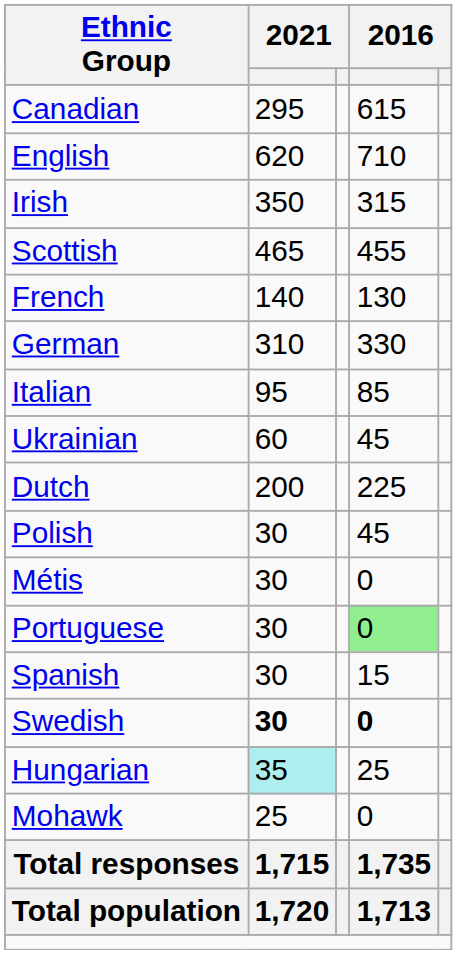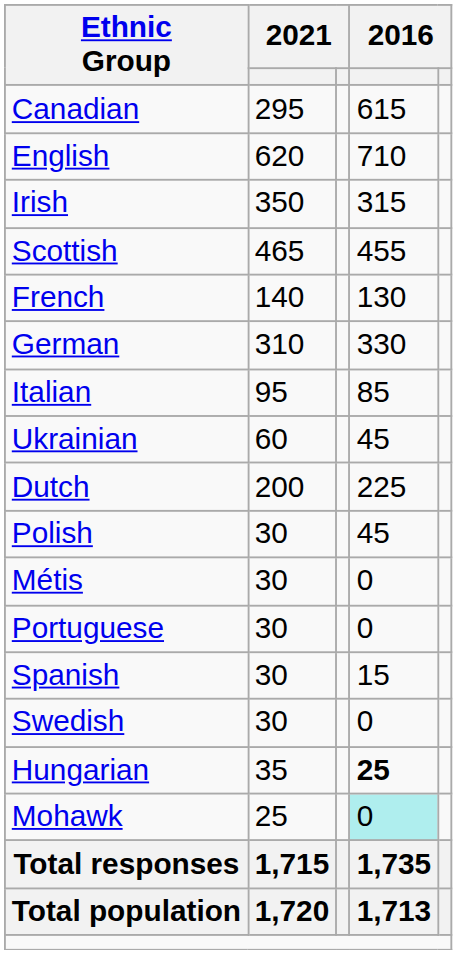 <table class="wikitable collapsible sortable">
 <tr>
 <th rowspan="2"><a href='#'>Ethnic</a><br>Group</th>
 <th colspan="2">2021</th>
 <th colspan="2">2016</th>
 </tr>
 <tr>
 <th><a href='#'></a></th>
 <th></th>
 <th><a href='#'></a></th>
 <th></th>
 </tr>
 <tr>
 <td><a href='#'>Canadian</a></td>
 <td>295</td>
 <td></td>
 <td>615</td>
 <td></td>
 </tr>
 <tr>
 <td><a href='#'>English</a></td>
 <td>620</td>
 <td></td>
 <td>710</td>
 <td></td>
 </tr>
 <tr>
 <td><a href='#'>Irish</a></td>
 <td>350</td>
 <td></td>
 <td>315</td>
 <td></td>
 </tr>
 <tr>
 <td><a href='#'>Scottish</a></td>
 <td>465</td>
 <td></td>
 <td>455</td>
 <td></td>
 </tr>
 <tr>
 <td><a href='#'>French</a></td>
 <td>140</td>
 <td></td>
 <td>130</td>
 <td></td>
 </tr>
 <tr>
 <td><a href='#'>German</a></td>
 <td>310</td>
 <td></td>
 <td>330</td>
 <td></td>
 </tr>
 <tr>
 <td><a href='#'>Italian</a></td>
 <td>95</td>
 <td></td>
 <td>85</td>
 <td></td>
 </tr>
 <tr>
 <td><a href='#'>Ukrainian</a></td>
 <td>60</td>
 <td></td>
 <td>45</td>
 <td></td>
 </tr>
 <tr>
 <td><a href='#'>Dutch</a></td>
 <td>200</td>
 <td></td>
 <td>225</td>
 <td></td>
 </tr>
 <tr>
 <td><a href='#'>Polish</a></td>
 <td>30</td>
 <td></td>
 <td>45</td>
 <td></td>
 </tr>
 <tr>
 <td><a href='#'>Métis</a></td>
 <td>30</td>
 <td></td>
 <td>0</td>
 <td></td>
 </tr>
 <tr>
 <td><a href='#'>Portuguese</a></td>
 <td>30</td>
 <td></td>
-<td style="background: lightgreen;">0</td>
+<td>0</td>
 <td></td>
 </tr>
 <tr>
 <td><a href='#'>Spanish</a></td>
 <td>30</td>
 <td></td>
 <td>15</td>
 <td></td>
 </tr>
 <tr>
 <td><a href='#'>Swedish</a></td>
-<td><strong>30</strong></td>
+<td>30</td>
 <td></td>
-<td><strong>0</strong></td>
+<td>0</td>
 <td></td>
 </tr>
 <tr>
 <td><a href='#'>Hungarian</a></td>
-<td style="background: paleturquoise;">35</td>
+<td>35</td>
 <td></td>
-<td>25</td>
+<td><strong>25</strong></td>
 <td></td>
 </tr>
 <tr>
 <td><a href='#'>Mohawk</a></td>
 <td>25</td>
 <td></td>
-<td>0</td>
+<td style="background: paleturquoise;">0</td>
 <td></td>
 </tr>
 <tr>
 <th>Total responses</th>
 <th>1,715</th>
 <th></th>
 <th>1,735</th>
 <th></th>
 </tr>
 <tr>
 <th>Total population</th>
 <th>1,720</th>
 <th></th>
 <th>1,713</th>
 <th></th>
 </tr>
 <tr class="sortbottom">
 <td colspan="15"></td>
 </tr>
 </table>
